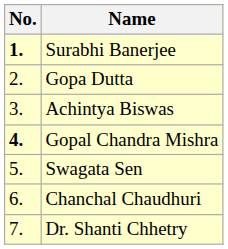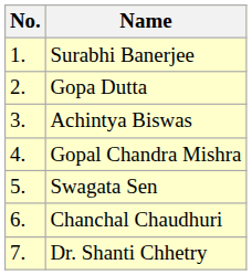 <table class="wikitable mw-collapsible mw-collapsed" style="background:#ffc; color:black">
 <tr>
 <th scope="col">No.</th>
 <th scope="col">Name</th>
 </tr>
 <tr>
-<td><strong>1.</strong></td>
+<td>1.</td>
 <td>Surabhi Banerjee</td>
 </tr>
 <tr>
 <td>2.</td>
 <td>Gopa Dutta</td>
 </tr>
 <tr>
 <td>3.</td>
 <td>Achintya Biswas</td>
 </tr>
 <tr>
-<td><strong>4.</strong></td>
+<td>4.</td>
 <td>Gopal Chandra Mishra</td>
 </tr>
 <tr>
 <td>5.</td>
 <td>Swagata Sen</td>
 </tr>
 <tr>
 <td>6.</td>
 <td>Chanchal Chaudhuri</td>
 </tr>
 <tr>
 <td>7.</td>
 <td>Dr. Shanti Chhetry</td>
 </tr>
 </table>
